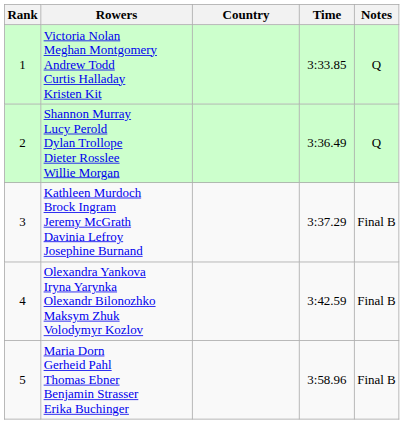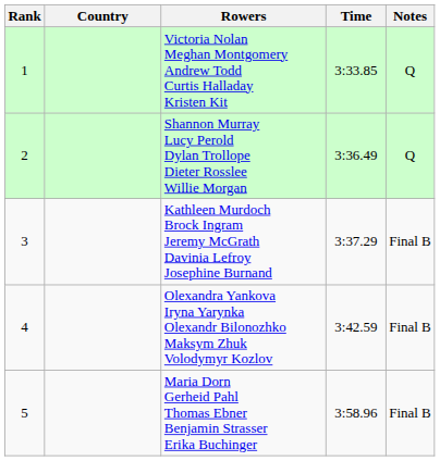 <table class="wikitable" style="text-align:center">
 <tr>
 <th>Rank</th>
+<th width=125>Country</th>
 <th width=180>Rowers</th>
-<th width=125>Country</th>
 <th width=60>Time</th>
 <th>Notes</th>
 </tr>
 <tr bgcolor=#ccffcc>
 <td>1</td>
+<td style="text-align:left"></td>
 <td style="text-align:left"><a href='#'>Victoria Nolan</a><br><a href='#'>Meghan Montgomery</a><br><a href='#'>Andrew Todd</a><br><a href='#'>Curtis Halladay</a><br><a href='#'>Kristen Kit</a></td>
-<td style="text-align:left"></td>
 <td>3:33.85</td>
 <td>Q</td>
 </tr>
 <tr bgcolor=#ccffcc>
 <td>2</td>
+<td style="text-align:left"></td>
 <td style="text-align:left"><a href='#'>Shannon Murray</a><br><a href='#'>Lucy Perold</a><br><a href='#'>Dylan Trollope</a><br><a href='#'>Dieter Rosslee</a><br><a href='#'>Willie Morgan</a></td>
-<td style="text-align:left"></td>
 <td>3:36.49</td>
 <td>Q</td>
 </tr>
 <tr>
 <td>3</td>
+<td style="text-align:left"></td>
 <td style="text-align:left"><a href='#'>Kathleen Murdoch</a><br><a href='#'>Brock Ingram</a><br><a href='#'>Jeremy McGrath</a><br><a href='#'>Davinia Lefroy</a><br><a href='#'>Josephine Burnand</a></td>
-<td style="text-align:left"></td>
 <td>3:37.29</td>
 <td>Final B</td>
 </tr>
 <tr>
 <td>4</td>
+<td style="text-align:left"></td>
 <td style="text-align:left"><a href='#'>Olexandra Yankova</a><br><a href='#'>Iryna Yarynka</a><br><a href='#'>Olexandr Bilonozhko</a><br><a href='#'>Maksym Zhuk</a><br><a href='#'>Volodymyr Kozlov</a></td>
-<td style="text-align:left"></td>
 <td>3:42.59</td>
 <td>Final B</td>
 </tr>
 <tr>
 <td>5</td>
+<td style="text-align:left"></td>
 <td style="text-align:left"><a href='#'>Maria Dorn</a><br><a href='#'>Gerheid Pahl</a><br><a href='#'>Thomas Ebner</a><br><a href='#'>Benjamin Strasser</a><br><a href='#'>Erika Buchinger</a></td>
-<td style="text-align:left"></td>
 <td>3:58.96</td>
 <td>Final B</td>
 </tr>
 </table>
